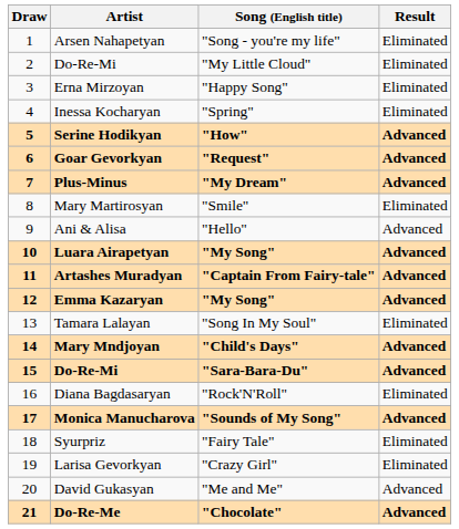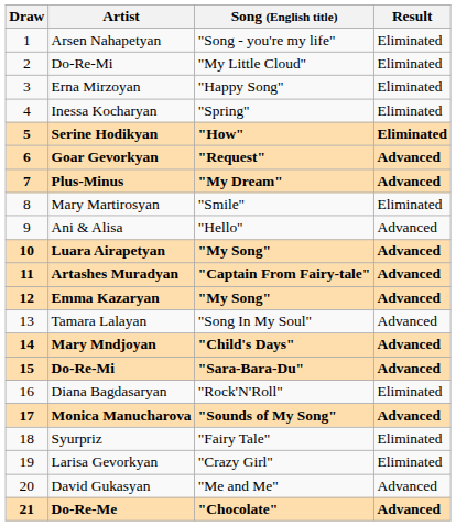 <table class="sortable wikitable" style="margin: 1em auto 1em auto">
 <tr>
 <th>Draw</th>
 <th>Artist</th>
 <th>Song <small>(English title)</small></th>
 <th>Result</th>
 </tr>
 <tr>
 <td style="text-align:center;">1</td>
 <td>Arsen Nahapetyan</td>
 <td>"Song - you're my life"</td>
 <td>Eliminated</td>
 </tr>
 <tr>
 <td style="text-align:center;">2</td>
 <td>Do-Re-Mi</td>
 <td>"My Little Cloud"</td>
 <td>Eliminated</td>
 </tr>
 <tr>
 <td style="text-align:center;">3</td>
 <td>Erna Mirzoyan</td>
 <td>"Happy Song"</td>
 <td>Eliminated</td>
 </tr>
 <tr>
 <td style="text-align:center;">4</td>
 <td>Inessa Kocharyan</td>
 <td>"Spring"</td>
 <td>Eliminated</td>
 </tr>
 <tr style="font-weight:bold;background:navajowhite">
 <td style="text-align:center;">5</td>
 <td>Serine Hodikyan</td>
 <td>"How"</td>
-<td>Advanced</td>
+<td>Eliminated</td>
 </tr>
 <tr style="font-weight:bold;background:navajowhite">
 <td style="text-align:center;">6</td>
 <td>Goar Gevorkyan</td>
 <td>"Request"</td>
 <td>Advanced</td>
 </tr>
 <tr style="font-weight:bold;background:navajowhite">
 <td style="text-align:center;">7</td>
 <td>Plus-Minus</td>
 <td>"My Dream"</td>
 <td>Advanced</td>
 </tr>
 <tr>
 <td style="text-align:center;">8</td>
 <td>Mary Martirosyan</td>
 <td>"Smile"</td>
 <td>Eliminated</td>
 </tr>
 <tr>
 <td style="text-align:center;">9</td>
 <td>Ani & Alisa</td>
 <td>"Hello"</td>
 <td>Advanced</td>
 </tr>
 <tr style="font-weight:bold;background:navajowhite">
 <td style="text-align:center;">10</td>
 <td>Luara Airapetyan</td>
 <td>"My Song"</td>
 <td>Advanced</td>
 </tr>
 <tr style="font-weight:bold;background:navajowhite">
 <td style="text-align:center;">11</td>
 <td>Artashes Muradyan</td>
 <td>"Captain From Fairy-tale"</td>
 <td>Advanced</td>
 </tr>
 <tr style="font-weight:bold;background:navajowhite">
 <td style="text-align:center;">12</td>
 <td>Emma Kazaryan</td>
 <td>"My Song"</td>
 <td>Advanced</td>
 </tr>
 <tr>
 <td style="text-align:center;">13</td>
 <td>Tamara Lalayan</td>
 <td>"Song In My Soul"</td>
-<td>Eliminated</td>
+<td>Advanced</td>
 </tr>
 <tr style="font-weight:bold;background:navajowhite">
 <td style="text-align:center;">14</td>
 <td>Mary Mndjoyan</td>
 <td>"Child's Days"</td>
 <td>Advanced</td>
 </tr>
 <tr style="font-weight:bold;background:navajowhite">
 <td style="text-align:center;">15</td>
 <td>Do-Re-Mi</td>
 <td>"Sara-Bara-Du"</td>
 <td>Advanced</td>
 </tr>
 <tr>
 <td style="text-align:center;">16</td>
 <td>Diana Bagdasaryan</td>
 <td>"Rock'N'Roll"</td>
 <td>Eliminated</td>
 </tr>
 <tr style="font-weight:bold;background:navajowhite">
 <td style="text-align:center;">17</td>
 <td>Monica Manucharova</td>
 <td>"Sounds of My Song"</td>
 <td>Advanced</td>
 </tr>
 <tr>
 <td style="text-align:center;">18</td>
 <td>Syurpriz</td>
 <td>"Fairy Tale"</td>
 <td>Eliminated</td>
 </tr>
 <tr>
 <td style="text-align:center;">19</td>
 <td>Larisa Gevorkyan</td>
 <td>"Crazy Girl"</td>
 <td>Eliminated</td>
 </tr>
 <tr>
 <td style="text-align:center;">20</td>
 <td>David Gukasyan</td>
 <td>"Me and Me"</td>
 <td>Advanced</td>
 </tr>
 <tr style="font-weight:bold;background:navajowhite">
 <td style="text-align:center;">21</td>
 <td>Do-Re-Me</td>
 <td>"Chocolate"</td>
 <td>Advanced</td>
 </tr>
 </table>
